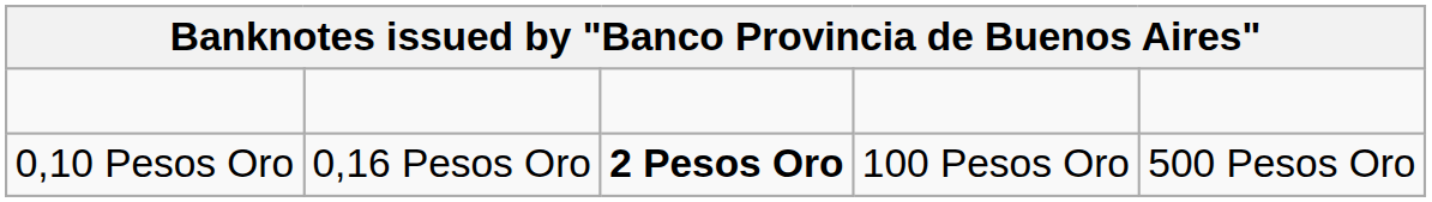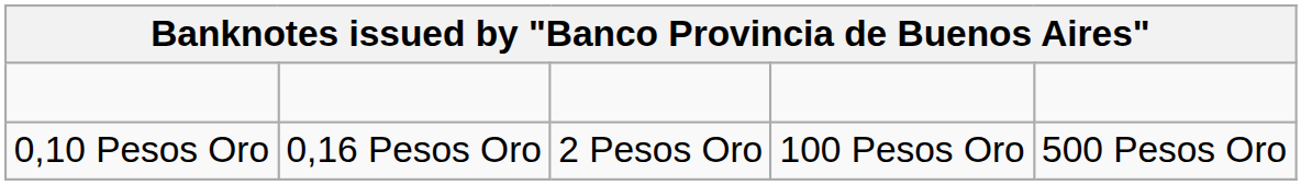 <table class= wikitable>
 <tr>
 <th colspan=5>Banknotes issued by "Banco Provincia de Buenos Aires"</th>
 </tr>
 <tr>
 <td></td>
 <td></td>
 <td></td>
 <td></td>
 <td><br></td>
 </tr>
 <tr>
 <td>0,10 Pesos Oro</td>
 <td>0,16 Pesos Oro</td>
-<td><strong>2 Pesos Oro</strong></td>
+<td>2 Pesos Oro</td>
 <td>100 Pesos Oro</td>
 <td>500 Pesos Oro</td>
 </tr>
 </table>
